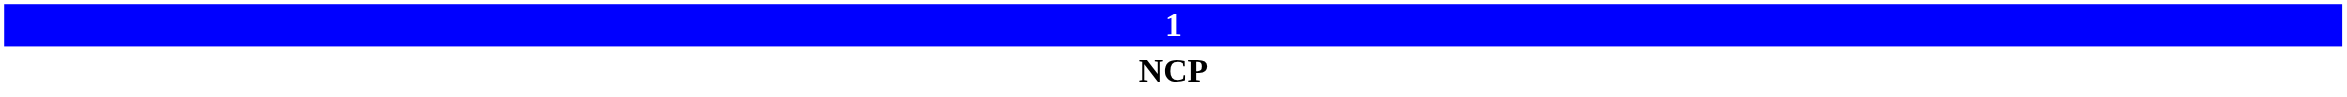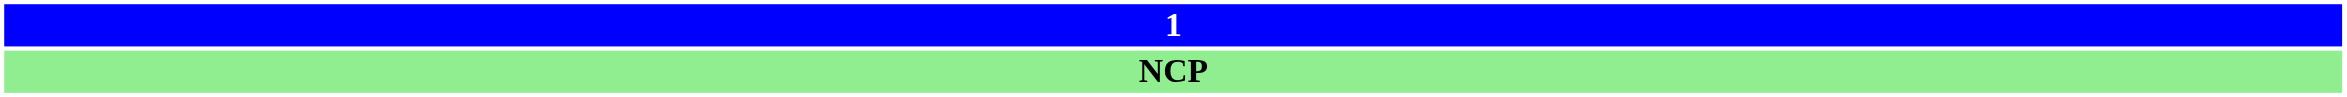 <table style="width:88%; text-align:center;">
 <tr style="color:white;">
 <td style="background:blue; width:100%%;"><strong>1</strong></td>
 </tr>
 <tr>
-<td><span><strong>NCP</strong></span></td>
+<td style="background: lightgreen;"><span><strong>NCP</strong></span></td>
 </tr>
 </table>
